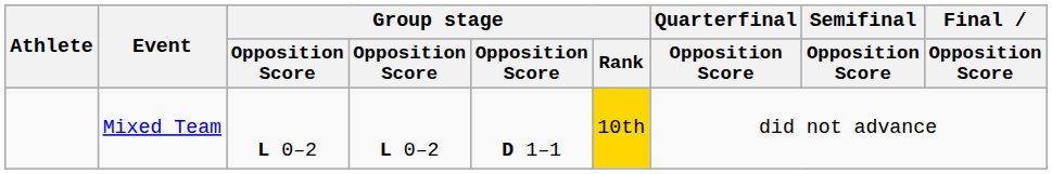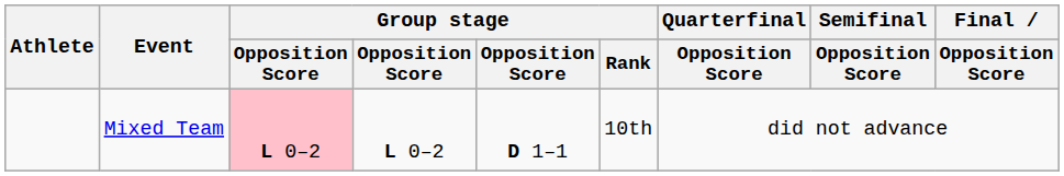 <table class="wikitable" style="font-size:90%">
 <tr>
 <th rowspan=2>Athlete</th>
 <th rowspan=2>Event</th>
 <th colspan=4>Group stage</th>
 <th>Quarterfinal</th>
 <th>Semifinal</th>
 <th>Final / </th>
 </tr>
 <tr style="font-size:95%">
 <th>Opposition<br>Score</th>
 <th>Opposition<br>Score</th>
 <th>Opposition<br>Score</th>
 <th>Rank</th>
 <th>Opposition<br>Score</th>
 <th>Opposition<br>Score</th>
 <th>Opposition<br>Score</th>
 </tr>
 <tr align=center>
 <td align=left><br></td>
 <td><a href='#'>Mixed Team</a></td>
-<td> <br>  <br> <strong>L</strong> 0–2</td>
+<td style="background: pink;"> <br>  <br> <strong>L</strong> 0–2</td>
 <td> <br>  <br> <strong>L</strong> 0–2</td>
 <td> <br>  <br> <strong>D</strong> 1–1</td>
-<td style="background: gold;">10th</td>
+<td>10th</td>
 <td colspan=3>did not advance</td>
 </tr>
 </table>
